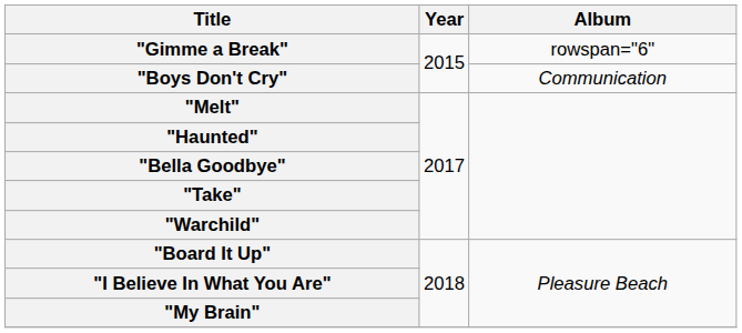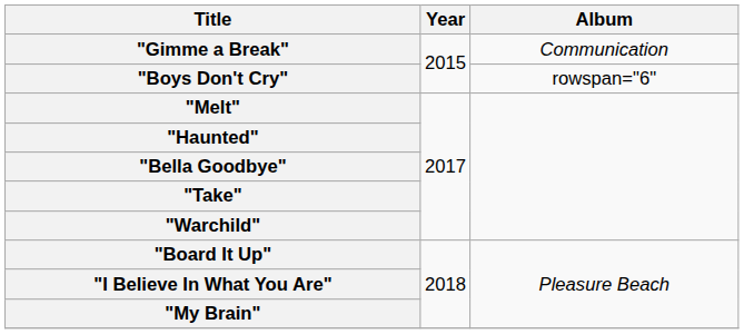 <table class="wikitable plainrowheaders" style="text-align:center;">
 <tr>
 <th scope="col" style="width:22em;">Title</th>
 <th scope="col">Year</th>
 <th scope="col" style="width:14em;">Album</th>
 </tr>
 <tr>
 <th scope="row">"Gimme a Break"</th>
 <td rowspan="2">2015</td>
-<td>rowspan="6" </td>
+<td><em>Communication</em></td>
 </tr>
 <tr>
 <th scope="row">"Boys Don't Cry"</th>
-<td><em>Communication</em></td>
+<td>rowspan="6" </td>
 </tr>
 <tr>
 <th scope="row">"Melt"</th>
 <td rowspan="5">2017</td>
 </tr>
 <tr>
 <th scope="row">"Haunted"</th>
 </tr>
 <tr>
 <th scope="row">"Bella Goodbye"</th>
 </tr>
 <tr>
 <th scope="row">"Take"</th>
 </tr>
 <tr>
 <th scope="row">"Warchild"</th>
 </tr>
 <tr>
 <th scope="row">"Board It Up"</th>
 <td rowspan="3">2018</td>
 <td rowspan="3"><em>Pleasure Beach</em></td>
 </tr>
 <tr>
 <th scope="row">"I Believe In What You Are"</th>
 </tr>
 <tr>
 <th scope="row">"My Brain"</th>
 </tr>
 <tr>
 </tr>
 </table>
